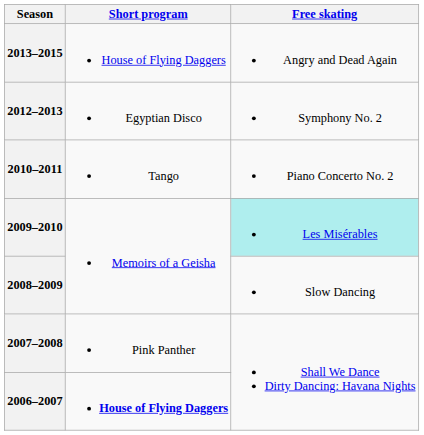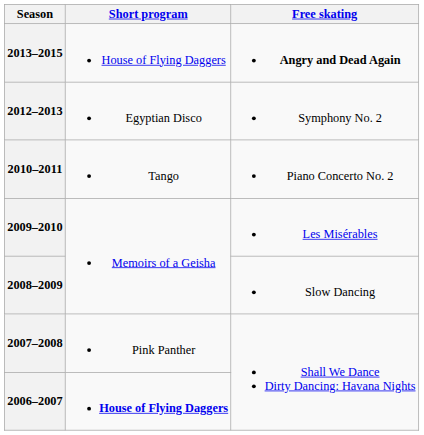 <table class="wikitable" style="text-align:center">
 <tr>
 <th>Season</th>
 <th><a href='#'>Short program</a></th>
 <th><a href='#'>Free skating</a></th>
 </tr>
 <tr>
 <th>2013–2015 <br></th>
 <td><br><ul><li><a href='#'>House of Flying Daggers</a> <br></li></ul></td>
-<td><br><ul><li>Angry and Dead Again <br></li></ul></td>
+<td><strong><br><ul><li>Angry and Dead Again <br></li></ul></strong></td>
 </tr>
 <tr>
 <th>2012–2013 <br></th>
 <td><br><ul><li>Egyptian Disco</li></ul></td>
 <td><br><ul><li>Symphony No. 2 <br></li></ul></td>
 </tr>
 <tr>
 <th>2010–2011 <br></th>
 <td><br><ul><li>Tango</li></ul></td>
 <td><br><ul><li>Piano Concerto No. 2 <br></li></ul></td>
 </tr>
 <tr>
 <th>2009–2010 <br></th>
 <td rowspan=2><br><ul><li><a href='#'>Memoirs of a Geisha</a> <br></li></ul></td>
-<td style="background: paleturquoise;"><br><ul><li><a href='#'>Les Misérables</a> <br></li></ul></td>
+<td><br><ul><li><a href='#'>Les Misérables</a> <br></li></ul></td>
 </tr>
 <tr>
 <th>2008–2009 <br></th>
 <td><br><ul><li>Slow Dancing <br></li></ul></td>
 </tr>
 <tr>
 <th>2007–2008 <br> </th>
 <td><br><ul><li>Pink Panther <br></li></ul></td>
 <td rowspan=2><br><ul><li><a href='#'>Shall We Dance</a></li><li><a href='#'>Dirty Dancing: Havana Nights</a></li></ul></td>
 </tr>
 <tr>
 <th>2006–2007 <br> </th>
 <td><strong><br><ul><li><a href='#'>House of Flying Daggers</a> <br></li></ul></strong></td>
 </tr>
 </table>
